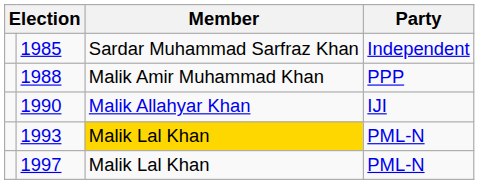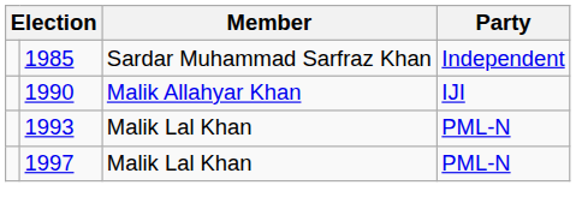 <table class="wikitable">
 <tr>
 <th colspan="2">Election</th>
 <th>Member</th>
 <th>Party</th>
 </tr>
 <tr>
 <td style="background-color: "></td>
 <td><a href='#'>1985</a></td>
 <td>Sardar Muhammad Sarfraz Khan</td>
 <td><a href='#'>Independent</a></td>
 </tr>
 <tr>
 <td style="background-color: "></td>
-<td><a href='#'>1988</a></td>
-<td>Malik Amir Muhammad Khan</td>
-<td><a href='#'>PPP</a></td>
-</tr>
-<tr>
-<td style="background-color: "></td>
 <td><a href='#'>1990</a></td>
 <td><a href='#'>Malik Allahyar Khan</a></td>
 <td><a href='#'>IJI</a></td>
 </tr>
 <tr>
 <td style="background-color: "></td>
 <td><a href='#'>1993</a></td>
-<td style="background: gold;">Malik Lal Khan</td>
+<td>Malik Lal Khan</td>
 <td><a href='#'>PML-N</a></td>
 </tr>
 <tr>
 <td style="background-color: "></td>
 <td><a href='#'>1997</a></td>
 <td>Malik Lal Khan</td>
 <td><a href='#'>PML-N</a></td>
 </tr>
 </table>
